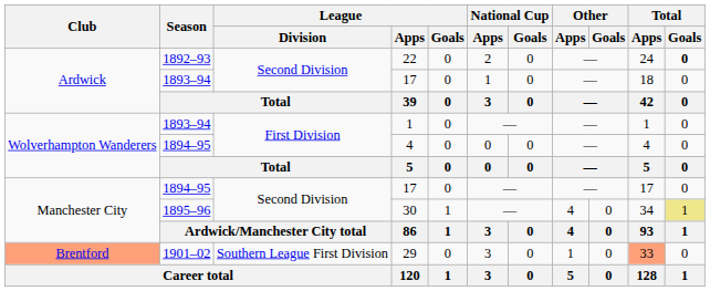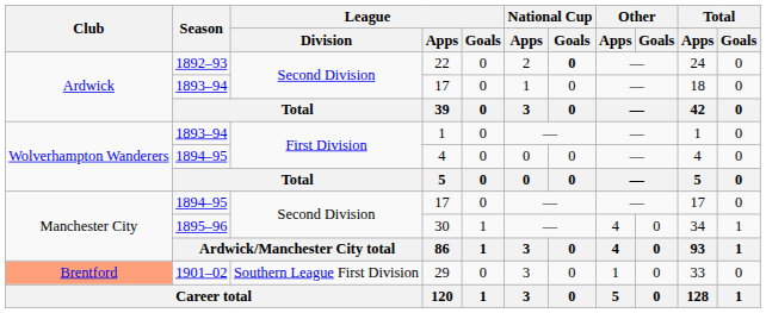 <table class="wikitable" style="text-align: center;">
 <tr>
 <th rowspan="2">Club</th>
 <th rowspan="2">Season</th>
 <th colspan="3">League</th>
 <th colspan="2">National Cup</th>
 <th colspan="2">Other</th>
 <th colspan="2">Total</th>
 </tr>
 <tr>
 <th>Division</th>
 <th>Apps</th>
 <th>Goals</th>
 <th>Apps</th>
 <th>Goals</th>
 <th>Apps</th>
 <th>Goals</th>
 <th>Apps</th>
 <th>Goals</th>
 </tr>
 <tr>
 <td rowspan="3"><a href='#'>Ardwick</a></td>
 <td><a href='#'>1892–93</a></td>
 <td rowspan="2"><a href='#'>Second Division</a></td>
 <td>22</td>
 <td>0</td>
 <td>2</td>
-<td>0</td>
+<td><strong>0</strong></td>
 <td colspan="2">—</td>
 <td>24</td>
-<td><strong>0</strong></td>
+<td>0</td>
 </tr>
 <tr>
 <td><a href='#'>1893–94</a></td>
 <td>17</td>
 <td>0</td>
 <td>1</td>
 <td>0</td>
 <td colspan="2">—</td>
 <td>18</td>
 <td>0</td>
 </tr>
 <tr>
 <th colspan="2">Total</th>
 <th>39</th>
 <th>0</th>
 <th>3</th>
 <th>0</th>
 <th colspan="2">—</th>
 <th>42</th>
 <th>0</th>
 </tr>
 <tr>
 <td rowspan="3"><a href='#'>Wolverhampton Wanderers</a></td>
 <td><a href='#'>1893–94</a></td>
 <td rowspan="2"><a href='#'>First Division</a></td>
 <td>1</td>
 <td>0</td>
 <td colspan="2">—</td>
 <td colspan="2">—</td>
 <td>1</td>
 <td>0</td>
 </tr>
 <tr>
 <td><a href='#'>1894–95</a></td>
 <td>4</td>
 <td>0</td>
 <td>0</td>
 <td>0</td>
 <td colspan="2">—</td>
 <td>4</td>
 <td>0</td>
 </tr>
 <tr>
 <th colspan="2">Total</th>
 <th>5</th>
 <th>0</th>
 <th>0</th>
 <th>0</th>
 <th colspan="2">—</th>
 <th>5</th>
 <th>0</th>
 </tr>
 <tr>
 <td rowspan="3">Manchester City</td>
 <td><a href='#'>1894–95</a></td>
 <td rowspan="2">Second Division</td>
 <td>17</td>
 <td>0</td>
 <td colspan="2">—</td>
 <td colspan="2">—</td>
 <td>17</td>
 <td>0</td>
 </tr>
 <tr>
 <td><a href='#'>1895–96</a></td>
 <td>30</td>
 <td>1</td>
 <td colspan="2">—</td>
 <td>4</td>
 <td>0</td>
 <td>34</td>
-<td style="background: khaki;">1</td>
+<td>1</td>
 </tr>
 <tr>
 <th colspan="2">Ardwick/Manchester City total</th>
 <th>86</th>
 <th>1</th>
 <th>3</th>
 <th>0</th>
 <th>4</th>
 <th>0</th>
 <th>93</th>
 <th>1</th>
 </tr>
 <tr>
 <td style="background: lightsalmon;"><a href='#'>Brentford</a></td>
 <td><a href='#'>1901–02</a></td>
 <td><a href='#'>Southern League</a> First Division</td>
 <td>29</td>
 <td>0</td>
 <td>3</td>
 <td>0</td>
 <td>1</td>
 <td>0</td>
-<td style="background: lightsalmon;">33</td>
+<td>33</td>
 <td>0</td>
 </tr>
 <tr>
 <th colspan="3">Career total</th>
 <th>120</th>
 <th>1</th>
 <th>3</th>
 <th>0</th>
 <th>5</th>
 <th>0</th>
 <th>128</th>
 <th>1</th>
 </tr>
 </table>
